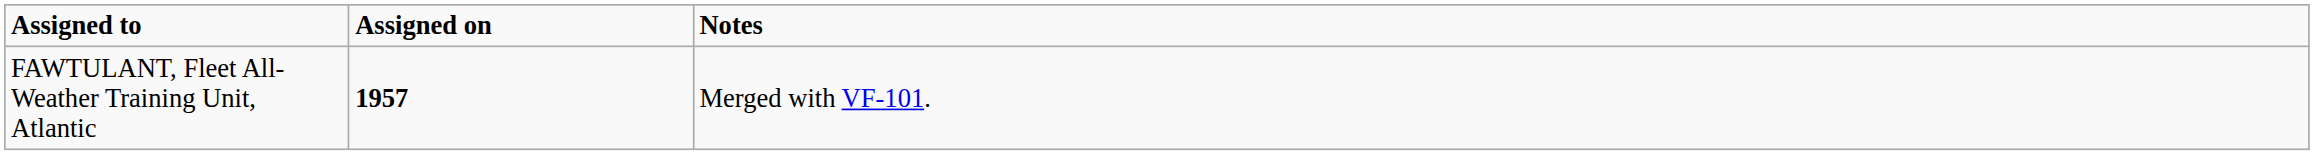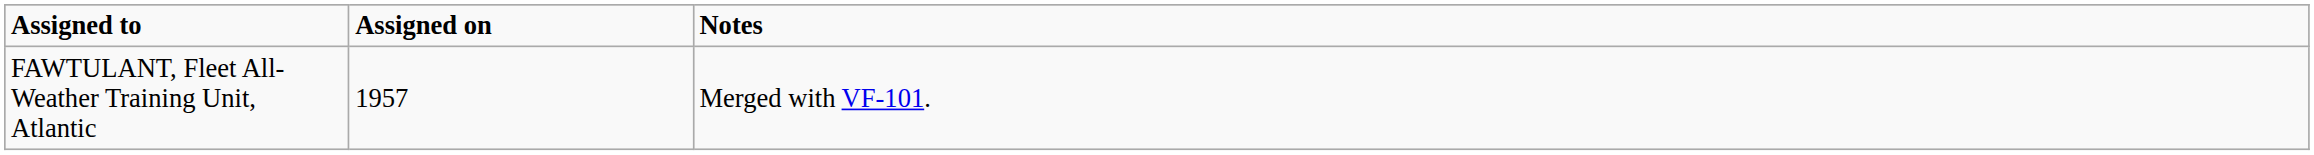 <table class="wikitable" style="width: 70%;">
 <tr>
 <td style="width: 200px;"><strong>Assigned to</strong></td>
 <td style="width: 200px;"><strong>Assigned on</strong></td>
 <td><strong>Notes</strong></td>
 </tr>
 <tr>
 <td>FAWTULANT, Fleet All-Weather Training Unit, Atlantic</td>
-<td><strong>1957</strong></td>
+<td>1957</td>
 <td>Merged with <a href='#'>VF-101</a>.</td>
 </tr>
 </table>
